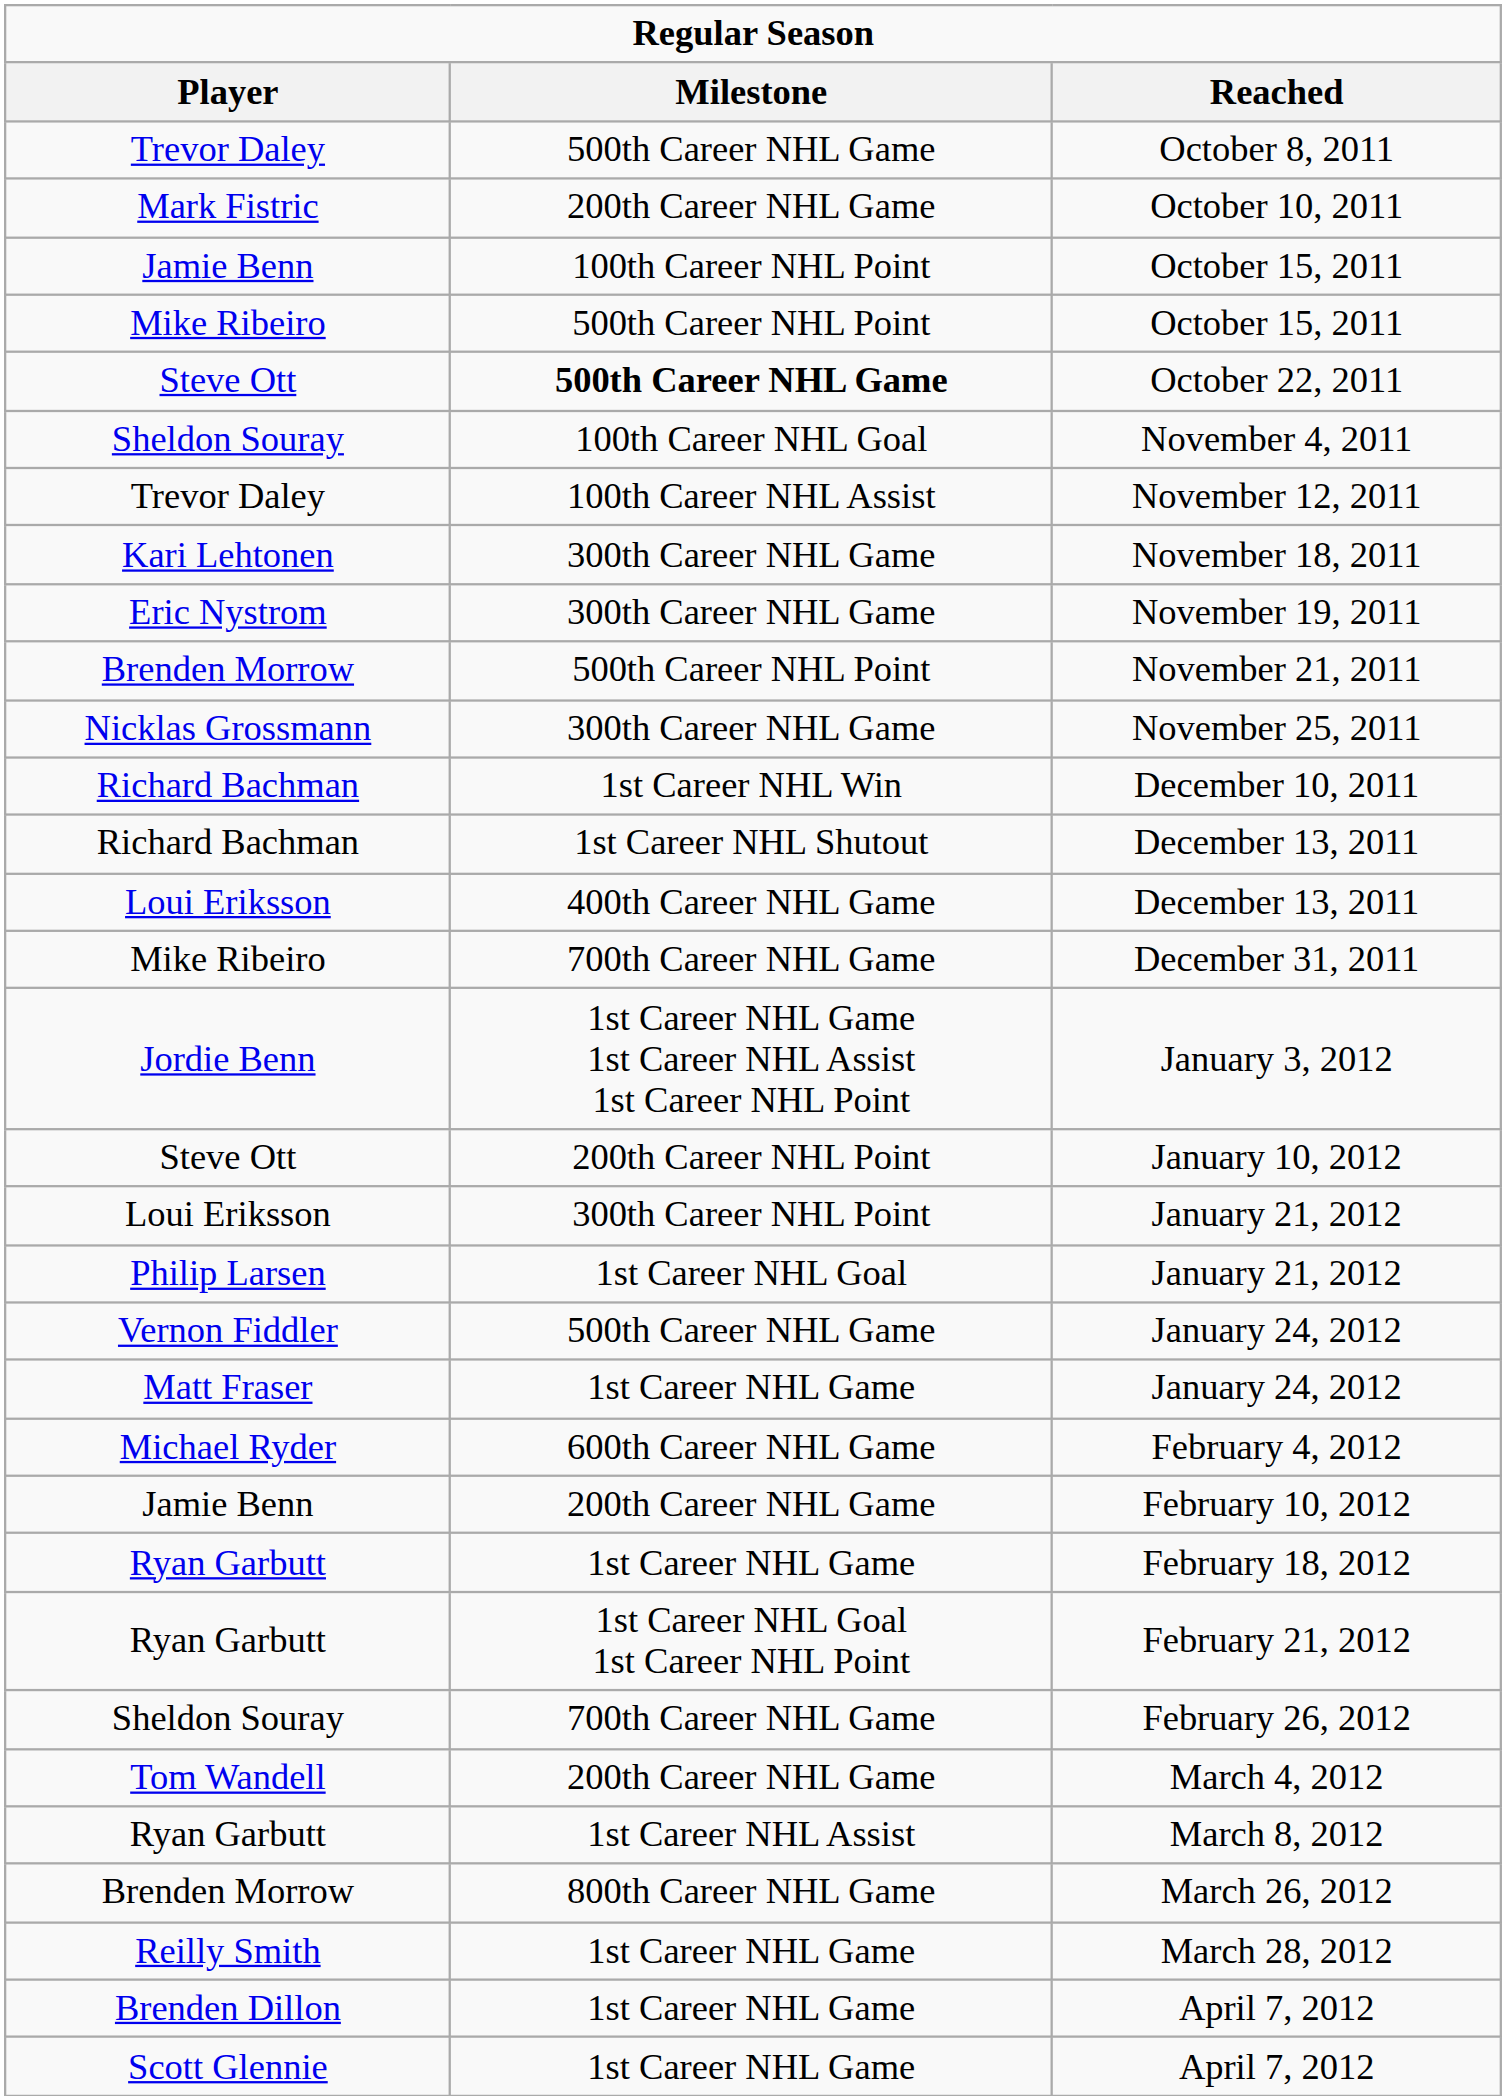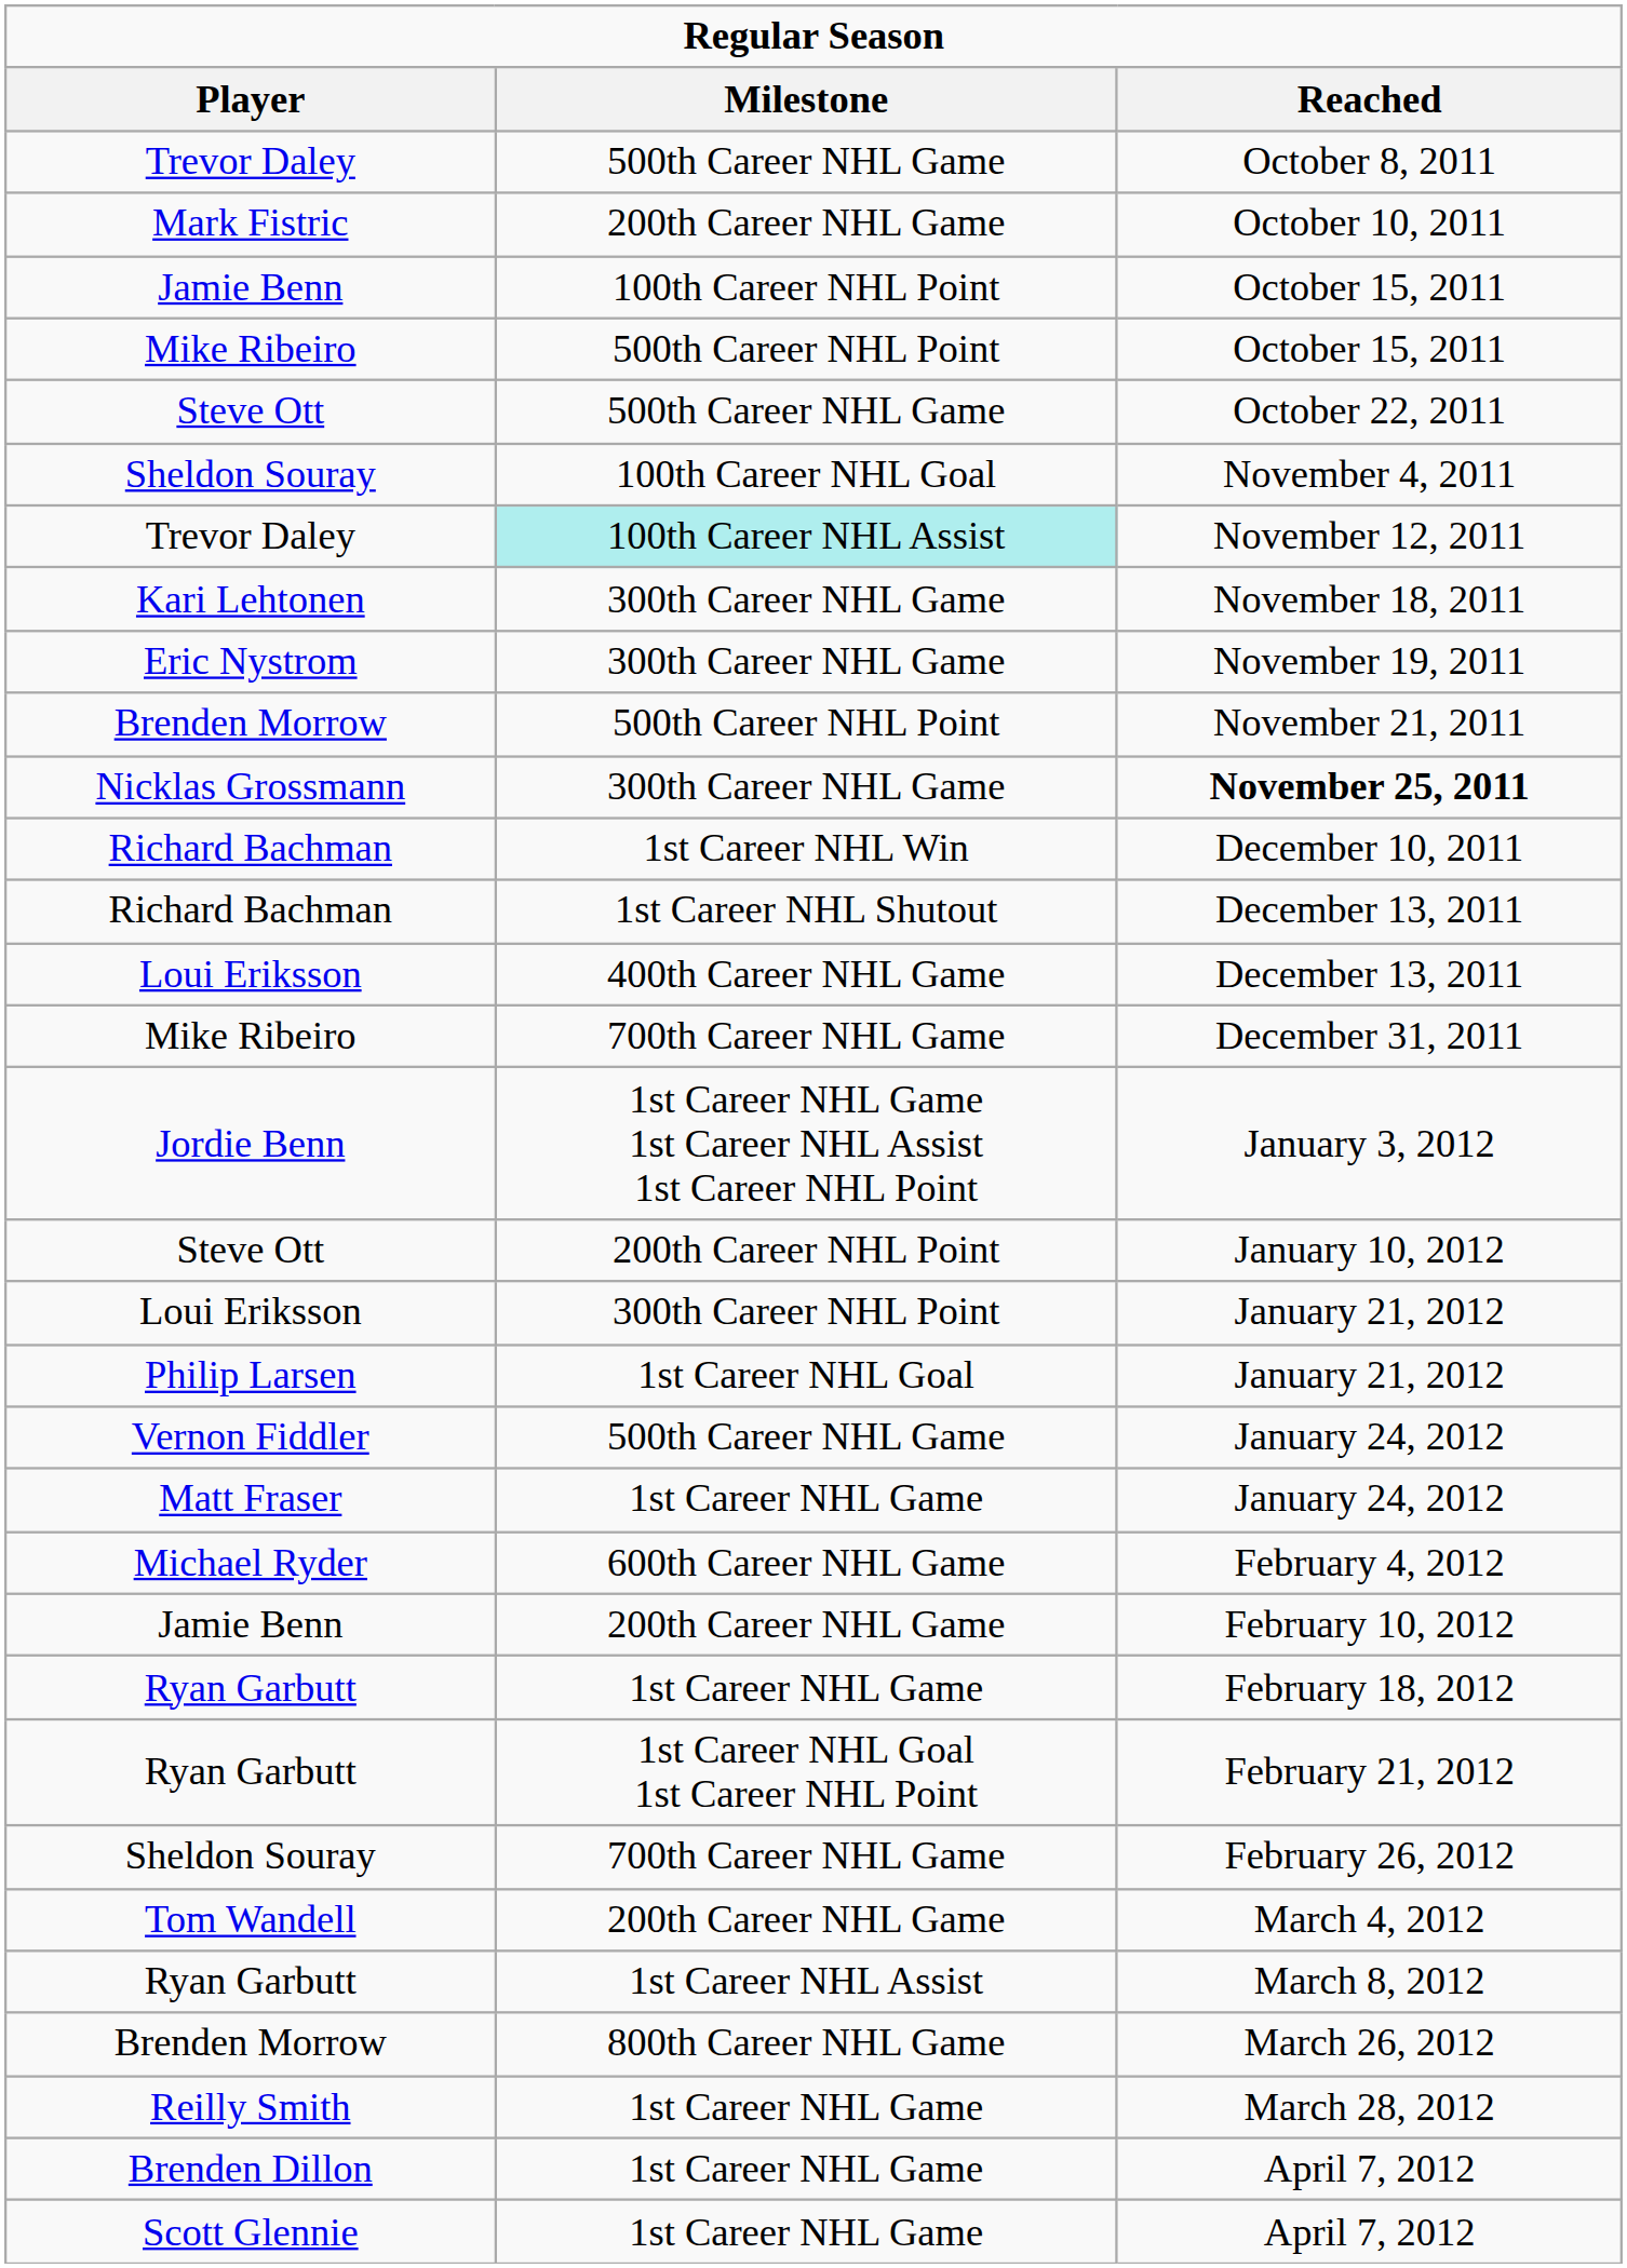 <table class="wikitable" width="52%" style="text-align:center">
 <tr>
 <td colspan="10" align="center"><strong>Regular Season</strong></td>
 </tr>
 <tr>
 <th>Player</th>
 <th>Milestone</th>
 <th>Reached</th>
 </tr>
 <tr>
 <td><a href='#'>Trevor Daley</a></td>
 <td>500th Career NHL Game</td>
 <td>October 8, 2011</td>
 </tr>
 <tr>
 <td><a href='#'>Mark Fistric</a></td>
 <td>200th Career NHL Game</td>
 <td>October 10, 2011</td>
 </tr>
 <tr>
 <td><a href='#'>Jamie Benn</a></td>
 <td>100th Career NHL Point</td>
 <td>October 15, 2011</td>
 </tr>
 <tr>
 <td><a href='#'>Mike Ribeiro</a></td>
 <td>500th Career NHL Point</td>
 <td>October 15, 2011</td>
 </tr>
 <tr>
 <td><a href='#'>Steve Ott</a></td>
-<td><strong>500th Career NHL Game</strong></td>
+<td>500th Career NHL Game</td>
 <td>October 22, 2011</td>
 </tr>
 <tr>
 <td><a href='#'>Sheldon Souray</a></td>
 <td>100th Career NHL Goal</td>
 <td>November 4, 2011</td>
 </tr>
 <tr>
 <td>Trevor Daley</td>
-<td>100th Career NHL Assist</td>
+<td style="background: paleturquoise;">100th Career NHL Assist</td>
 <td>November 12, 2011</td>
 </tr>
 <tr>
 <td><a href='#'>Kari Lehtonen</a></td>
 <td>300th Career NHL Game</td>
 <td>November 18, 2011</td>
 </tr>
 <tr>
 <td><a href='#'>Eric Nystrom</a></td>
 <td>300th Career NHL Game</td>
 <td>November 19, 2011</td>
 </tr>
 <tr>
 <td><a href='#'>Brenden Morrow</a></td>
 <td>500th Career NHL Point</td>
 <td>November 21, 2011</td>
 </tr>
 <tr>
 <td><a href='#'>Nicklas Grossmann</a></td>
 <td>300th Career NHL Game</td>
-<td>November 25, 2011</td>
+<td><strong>November 25, 2011</strong></td>
 </tr>
 <tr>
 <td><a href='#'>Richard Bachman</a></td>
 <td>1st Career NHL Win</td>
 <td>December 10, 2011</td>
 </tr>
 <tr>
 <td>Richard Bachman</td>
 <td>1st Career NHL Shutout</td>
 <td>December 13, 2011</td>
 </tr>
 <tr>
 <td><a href='#'>Loui Eriksson</a></td>
 <td>400th Career NHL Game</td>
 <td>December 13, 2011</td>
 </tr>
 <tr>
 <td>Mike Ribeiro</td>
 <td>700th Career NHL Game</td>
 <td>December 31, 2011</td>
 </tr>
 <tr>
 <td><a href='#'>Jordie Benn</a></td>
 <td>1st Career NHL Game<br>1st Career NHL Assist<br>1st Career NHL Point</td>
 <td>January 3, 2012</td>
 </tr>
 <tr>
 <td>Steve Ott</td>
 <td>200th Career NHL Point</td>
 <td>January 10, 2012</td>
 </tr>
 <tr>
 <td>Loui Eriksson</td>
 <td>300th Career NHL Point</td>
 <td>January 21, 2012</td>
 </tr>
 <tr>
 <td><a href='#'>Philip Larsen</a></td>
 <td>1st Career NHL Goal</td>
 <td>January 21, 2012</td>
 </tr>
 <tr>
 <td><a href='#'>Vernon Fiddler</a></td>
 <td>500th Career NHL Game</td>
 <td>January 24, 2012</td>
 </tr>
 <tr>
 <td><a href='#'>Matt Fraser</a></td>
 <td>1st Career NHL Game</td>
 <td>January 24, 2012</td>
 </tr>
 <tr>
 <td><a href='#'>Michael Ryder</a></td>
 <td>600th Career NHL Game</td>
 <td>February 4, 2012</td>
 </tr>
 <tr>
 <td>Jamie Benn</td>
 <td>200th Career NHL Game</td>
 <td>February 10, 2012</td>
 </tr>
 <tr>
 <td><a href='#'>Ryan Garbutt</a></td>
 <td>1st Career NHL Game</td>
 <td>February 18, 2012</td>
 </tr>
 <tr>
 <td>Ryan Garbutt</td>
 <td>1st Career NHL Goal<br>1st Career NHL Point</td>
 <td>February 21, 2012</td>
 </tr>
 <tr>
 <td>Sheldon Souray</td>
 <td>700th Career NHL Game</td>
 <td>February 26, 2012</td>
 </tr>
 <tr>
 <td><a href='#'>Tom Wandell</a></td>
 <td>200th Career NHL Game</td>
 <td>March 4, 2012</td>
 </tr>
 <tr>
 <td>Ryan Garbutt</td>
 <td>1st Career NHL Assist</td>
 <td>March 8, 2012</td>
 </tr>
 <tr>
 <td>Brenden Morrow</td>
 <td>800th Career NHL Game</td>
 <td>March 26, 2012</td>
 </tr>
 <tr>
 <td><a href='#'>Reilly Smith</a></td>
 <td>1st Career NHL Game</td>
 <td>March 28, 2012</td>
 </tr>
 <tr>
 <td><a href='#'>Brenden Dillon</a></td>
 <td>1st Career NHL Game</td>
 <td>April 7, 2012</td>
 </tr>
 <tr>
 <td><a href='#'>Scott Glennie</a></td>
 <td>1st Career NHL Game</td>
 <td>April 7, 2012</td>
 </tr>
 </table>
